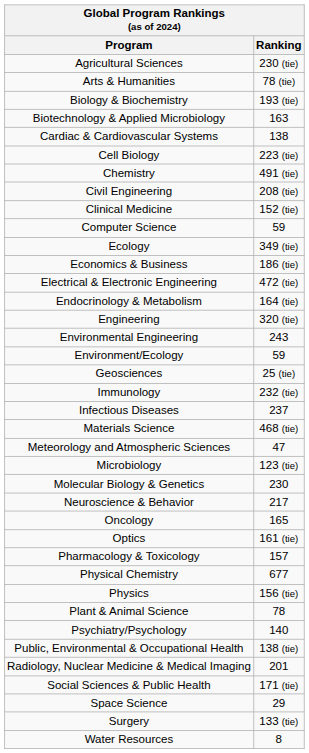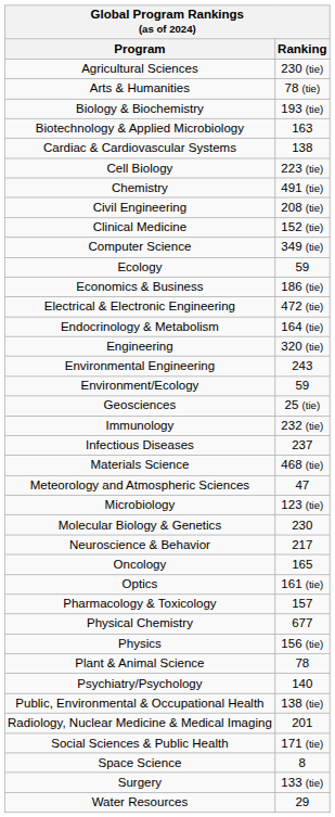 <table class="wikitable sortable collapsible collapsed" style="float:right; clear:right; text-align:center">
 <tr>
 <th colspan=4>Global Program Rankings<br><small>(as of 2024)</small></th>
 </tr>
 <tr>
 <th>Program</th>
 <th>Ranking</th>
 </tr>
 <tr>
 <td>Agricultural Sciences</td>
 <td>230 <small>(tie)</small></td>
 </tr>
 <tr>
 <td>Arts & Humanities</td>
 <td>78 <small>(tie)</small></td>
 </tr>
 <tr>
 <td>Biology & Biochemistry</td>
 <td>193 <small>(tie)</small></td>
 </tr>
 <tr>
 <td>Biotechnology & Applied Microbiology</td>
 <td>163</td>
 </tr>
 <tr>
 <td>Cardiac & Cardiovascular Systems</td>
 <td>138</td>
 </tr>
 <tr>
 <td>Cell Biology</td>
 <td>223 <small>(tie)</small></td>
 </tr>
 <tr>
 <td>Chemistry</td>
 <td>491 <small>(tie)</small></td>
 </tr>
 <tr>
 <td>Civil Engineering</td>
 <td>208 <small>(tie)</small></td>
 </tr>
 <tr>
 <td>Clinical Medicine</td>
 <td>152 <small>(tie)</small></td>
 </tr>
 <tr>
 <td>Computer Science</td>
-<td>59</td>
+<td>349 <small>(tie)</small></td>
 </tr>
 <tr>
 <td>Ecology</td>
-<td>349 <small>(tie)</small></td>
+<td>59</td>
 </tr>
 <tr>
 <td>Economics & Business</td>
 <td>186 <small>(tie)</small></td>
 </tr>
 <tr>
 <td>Electrical & Electronic Engineering</td>
 <td>472 <small>(tie)</small></td>
 </tr>
 <tr>
 <td>Endocrinology & Metabolism</td>
 <td>164 <small>(tie)</small></td>
 </tr>
 <tr>
 <td>Engineering</td>
 <td>320 <small>(tie)</small></td>
 </tr>
 <tr>
 <td>Environmental Engineering</td>
 <td>243</td>
 </tr>
 <tr>
 <td>Environment/Ecology</td>
 <td>59</td>
 </tr>
 <tr>
 <td>Geosciences</td>
 <td>25 <small>(tie)</small></td>
 </tr>
 <tr>
 <td>Immunology</td>
 <td>232 <small>(tie)</small></td>
 </tr>
 <tr>
 <td>Infectious Diseases</td>
 <td>237</td>
 </tr>
 <tr>
 <td>Materials Science</td>
 <td>468 <small>(tie)</small></td>
 </tr>
 <tr>
 <td>Meteorology and Atmospheric Sciences</td>
 <td>47</td>
 </tr>
 <tr>
 <td>Microbiology</td>
 <td>123 <small>(tie)</small></td>
 </tr>
 <tr>
 <td>Molecular Biology & Genetics</td>
 <td>230</td>
 </tr>
 <tr>
 <td>Neuroscience & Behavior</td>
 <td>217</td>
 </tr>
 <tr>
 <td>Oncology</td>
 <td>165</td>
 </tr>
 <tr>
 <td>Optics</td>
 <td>161 <small>(tie)</small></td>
 </tr>
 <tr>
 <td>Pharmacology & Toxicology</td>
 <td>157</td>
 </tr>
 <tr>
 <td>Physical Chemistry</td>
 <td>677</td>
 </tr>
 <tr>
 <td>Physics</td>
 <td>156 <small>(tie)</small></td>
 </tr>
 <tr>
 <td>Plant & Animal Science</td>
 <td>78</td>
 </tr>
 <tr>
 <td>Psychiatry/Psychology</td>
 <td>140</td>
 </tr>
 <tr>
 <td>Public, Environmental & Occupational Health</td>
 <td>138 <small>(tie)</small></td>
 </tr>
 <tr>
 <td>Radiology, Nuclear Medicine & Medical Imaging</td>
 <td>201</td>
 </tr>
 <tr>
 <td>Social Sciences & Public Health</td>
 <td>171 <small>(tie)</small></td>
 </tr>
 <tr>
 <td>Space Science</td>
-<td>29</td>
+<td>8</td>
 </tr>
 <tr>
 <td>Surgery</td>
 <td>133 <small>(tie)</small></td>
 </tr>
 <tr>
 <td>Water Resources</td>
-<td>8</td>
+<td>29</td>
 </tr>
 </table>
